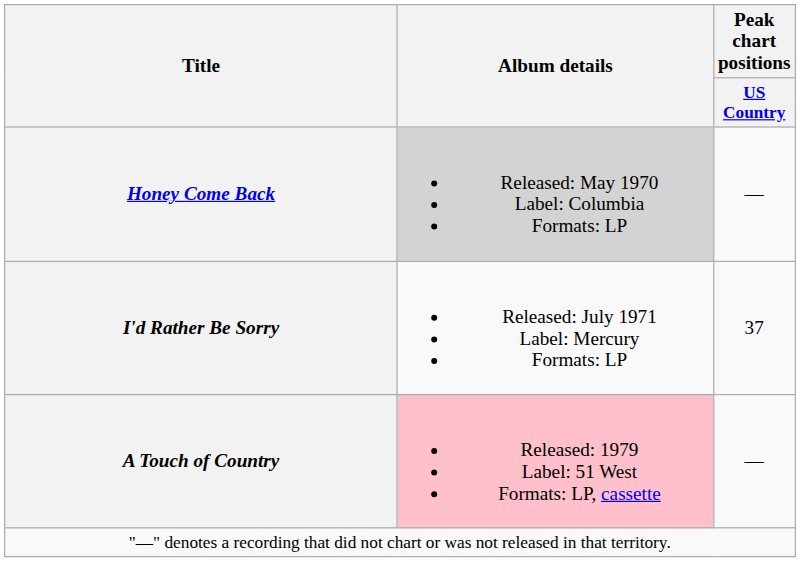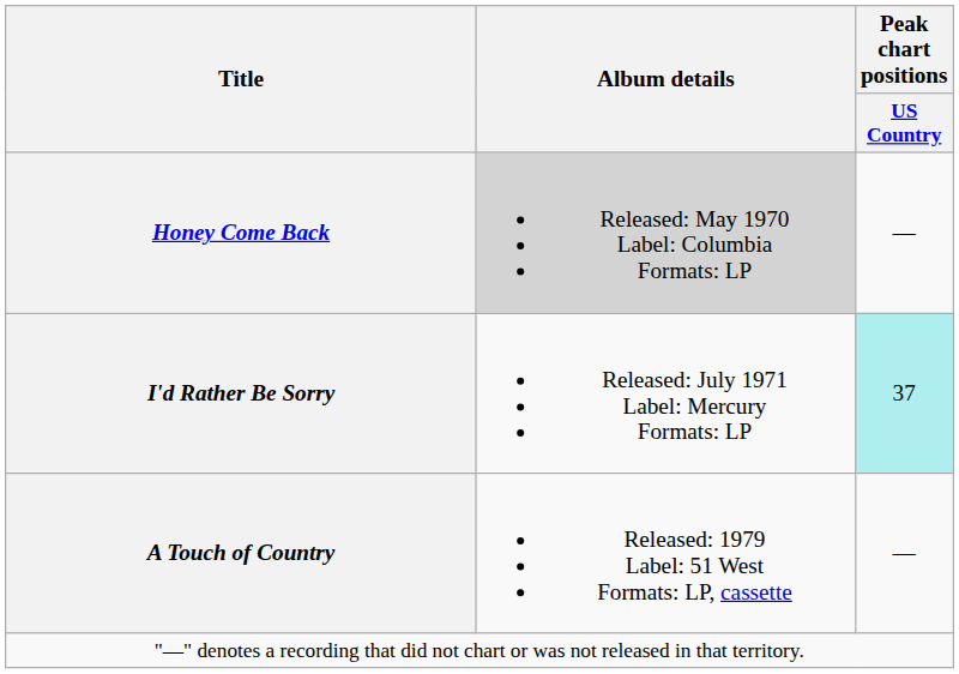 <table class="wikitable plainrowheaders" style="text-align:center;">
 <tr>
 <th scope="col" rowspan="2" style="width:20em;">Title</th>
 <th scope="col" rowspan="2" style="width:16em;">Album details</th>
 <th scope="col" colspan="2">Peak chart<br>positions</th>
 </tr>
 <tr>
 <th scope="col" style="width:2em;font-size:90%;"><a href='#'>US<br>Country</a><br></th>
 </tr>
 <tr>
 <th scope="row"><em><a href='#'>Honey Come Back</a></em></th>
 <td style="background: lightgrey;"><br><ul><li>Released: May 1970</li><li>Label: Columbia</li><li>Formats: LP</li></ul></td>
 <td>—</td>
 </tr>
 <tr>
 <th scope="row"><em>I'd Rather Be Sorry</em></th>
 <td><br><ul><li>Released: July 1971</li><li>Label: Mercury</li><li>Formats: LP</li></ul></td>
-<td>37</td>
+<td style="background: paleturquoise;">37</td>
 </tr>
 <tr>
 <th scope="row"><em>A Touch of Country</em></th>
-<td style="background: pink;"><br><ul><li>Released: 1979</li><li>Label: 51 West</li><li>Formats: LP, <a href='#'>cassette</a></li></ul></td>
+<td><br><ul><li>Released: 1979</li><li>Label: 51 West</li><li>Formats: LP, <a href='#'>cassette</a></li></ul></td>
 <td>—</td>
 </tr>
 <tr>
 <td colspan="3" style="font-size:90%">"—" denotes a recording that did not chart or was not released in that territory.</td>
 </tr>
 </table>
